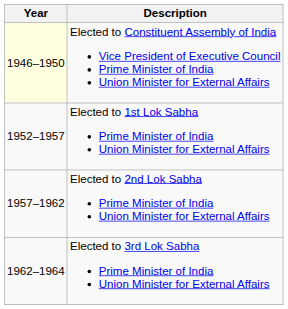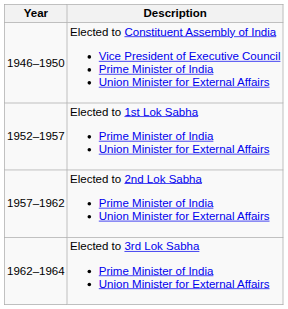 <table class="wikitable">
 <tr>
 <th>Year</th>
 <th>Description</th>
 </tr>
 <tr>
-<td style="background: lightyellow;">1946–1950</td>
+<td>1946–1950</td>
 <td>Elected to <a href='#'>Constituent Assembly of India</a><br><ul><li><a href='#'>Vice President of Executive Council</a> </li><li><a href='#'>Prime Minister of India</a> </li><li><a href='#'>Union Minister for External Affairs</a> </li></ul></td>
 </tr>
 <tr>
 <td>1952–1957</td>
 <td>Elected to <a href='#'>1st Lok Sabha</a><br><ul><li><a href='#'>Prime Minister of India</a> </li><li><a href='#'>Union Minister for External Affairs</a> </li></ul></td>
 </tr>
 <tr>
 <td>1957–1962</td>
 <td>Elected to <a href='#'>2nd Lok Sabha</a><br><ul><li><a href='#'>Prime Minister of India</a> </li><li><a href='#'>Union Minister for External Affairs</a> </li></ul></td>
 </tr>
 <tr>
 <td>1962–1964</td>
 <td>Elected to <a href='#'>3rd Lok Sabha</a><br><ul><li><a href='#'>Prime Minister of India</a> </li><li><a href='#'>Union Minister for External Affairs</a> </li></ul></td>
 </tr>
 </table>
